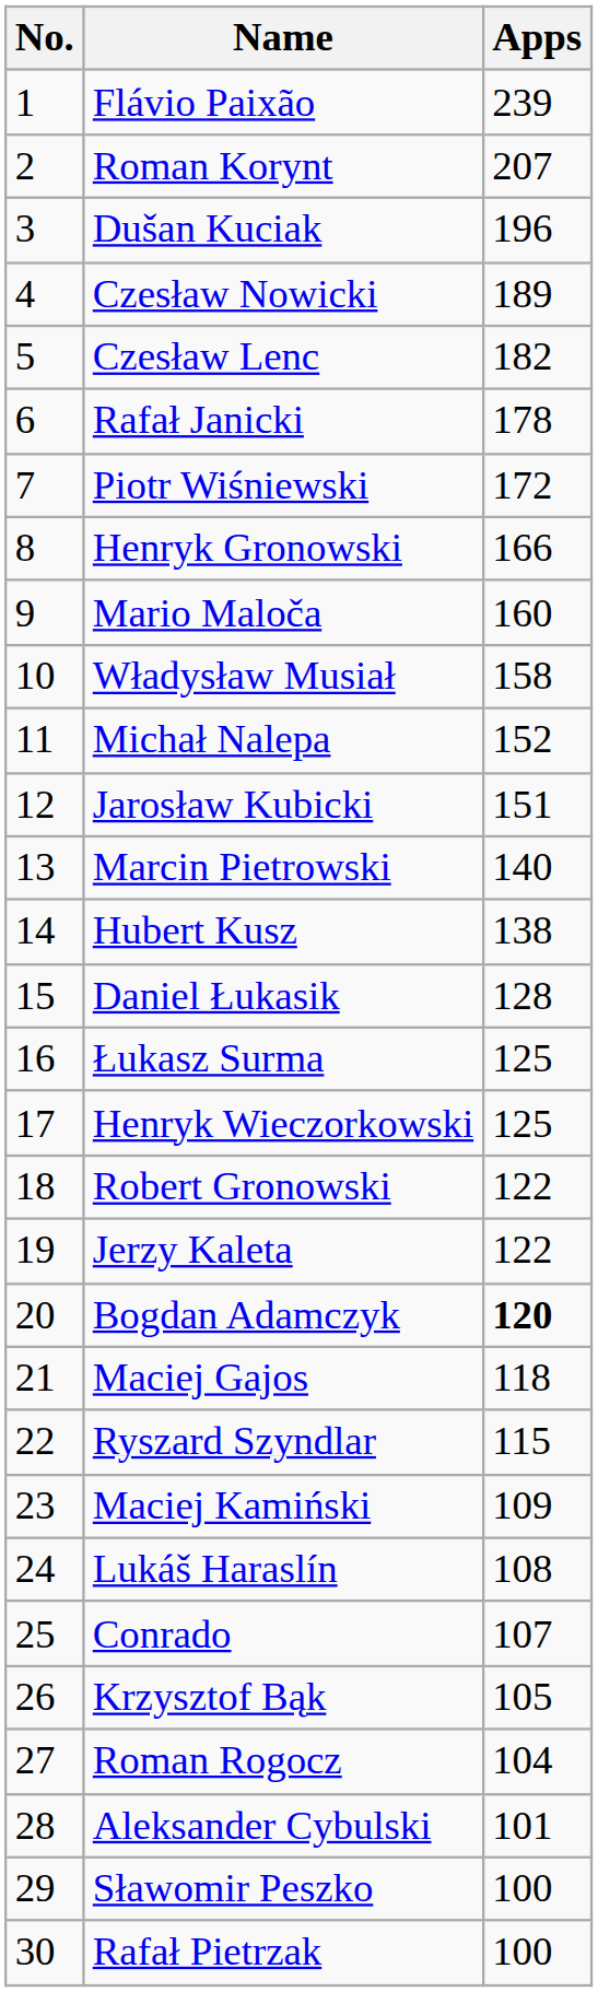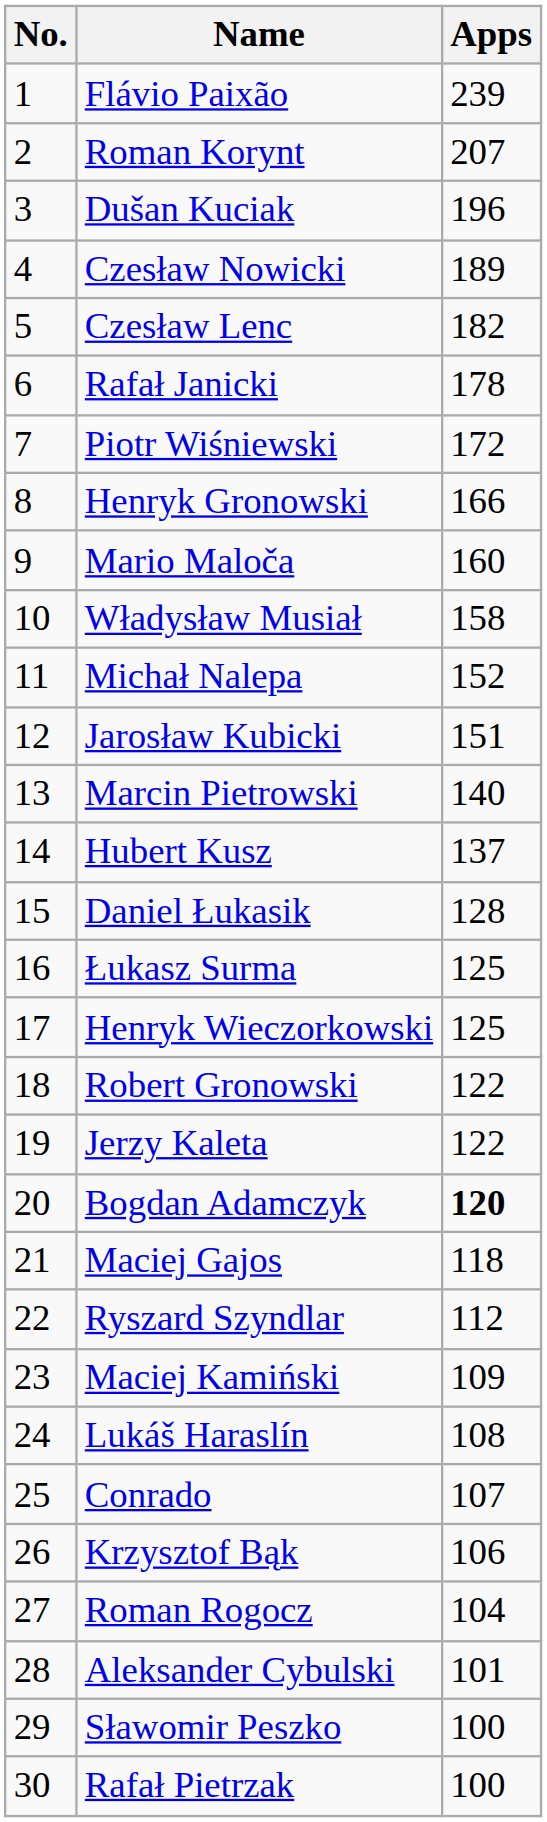 <table class="wikitable" style="display: inline-table;">
 <tr>
 <th>No.</th>
 <th>Name</th>
 <th>Apps</th>
 </tr>
 <tr>
 <td>1</td>
 <td><a href='#'>Flávio Paixão</a></td>
 <td>239</td>
 </tr>
 <tr>
 <td>2</td>
 <td><a href='#'>Roman Korynt</a></td>
 <td>207</td>
 </tr>
 <tr>
 <td>3</td>
 <td><a href='#'>Dušan Kuciak</a></td>
 <td>196</td>
 </tr>
 <tr>
 <td>4</td>
 <td><a href='#'>Czesław Nowicki</a></td>
 <td>189</td>
 </tr>
 <tr>
 <td>5</td>
 <td><a href='#'>Czesław Lenc</a></td>
 <td>182</td>
 </tr>
 <tr>
 <td>6</td>
 <td><a href='#'>Rafał Janicki</a></td>
 <td>178</td>
 </tr>
 <tr>
 <td>7</td>
 <td><a href='#'>Piotr Wiśniewski</a></td>
 <td>172</td>
 </tr>
 <tr>
 <td>8</td>
 <td><a href='#'>Henryk Gronowski</a></td>
 <td>166</td>
 </tr>
 <tr>
 <td>9</td>
 <td><a href='#'>Mario Maloča</a></td>
 <td>160</td>
 </tr>
 <tr>
 <td>10</td>
 <td><a href='#'>Władysław Musiał</a></td>
 <td>158</td>
 </tr>
 <tr>
 <td>11</td>
 <td><a href='#'>Michał Nalepa</a></td>
 <td>152</td>
 </tr>
 <tr>
 <td>12</td>
 <td><a href='#'>Jarosław Kubicki</a></td>
 <td>151</td>
 </tr>
 <tr>
 <td>13</td>
 <td><a href='#'>Marcin Pietrowski</a></td>
 <td>140</td>
 </tr>
 <tr>
 <td>14</td>
 <td><a href='#'>Hubert Kusz</a></td>
-<td>138</td>
+<td>137</td>
 </tr>
 <tr>
 <td>15</td>
 <td><a href='#'>Daniel Łukasik</a></td>
 <td>128</td>
 </tr>
 <tr>
 <td>16</td>
 <td><a href='#'>Łukasz Surma</a></td>
 <td>125</td>
 </tr>
 <tr>
 <td>17</td>
 <td><a href='#'>Henryk Wieczorkowski</a></td>
 <td>125</td>
 </tr>
 <tr>
 <td>18</td>
 <td><a href='#'>Robert Gronowski</a></td>
 <td>122</td>
 </tr>
 <tr>
 <td>19</td>
 <td><a href='#'>Jerzy Kaleta</a></td>
 <td>122</td>
 </tr>
 <tr>
 <td>20</td>
 <td><a href='#'>Bogdan Adamczyk</a></td>
 <td><strong>120</strong></td>
 </tr>
 <tr>
 <td>21</td>
 <td><a href='#'>Maciej Gajos</a></td>
 <td>118</td>
 </tr>
 <tr>
 <td>22</td>
 <td><a href='#'>Ryszard Szyndlar</a></td>
-<td>115</td>
+<td>112</td>
 </tr>
 <tr>
 <td>23</td>
 <td><a href='#'>Maciej Kamiński</a></td>
 <td>109</td>
 </tr>
 <tr>
 <td>24</td>
 <td><a href='#'>Lukáš Haraslín</a></td>
 <td>108</td>
 </tr>
 <tr>
 <td>25</td>
 <td><a href='#'>Conrado</a></td>
 <td>107</td>
 </tr>
 <tr>
 <td>26</td>
 <td><a href='#'>Krzysztof Bąk</a></td>
-<td>105</td>
+<td>106</td>
 </tr>
 <tr>
 <td>27</td>
 <td><a href='#'>Roman Rogocz</a></td>
 <td>104</td>
 </tr>
 <tr>
 <td>28</td>
 <td><a href='#'>Aleksander Cybulski</a></td>
 <td>101</td>
 </tr>
 <tr>
 <td>29</td>
 <td><a href='#'>Sławomir Peszko</a></td>
 <td>100</td>
 </tr>
 <tr>
 <td>30</td>
 <td><a href='#'>Rafał Pietrzak</a></td>
 <td>100</td>
 </tr>
 </table>
